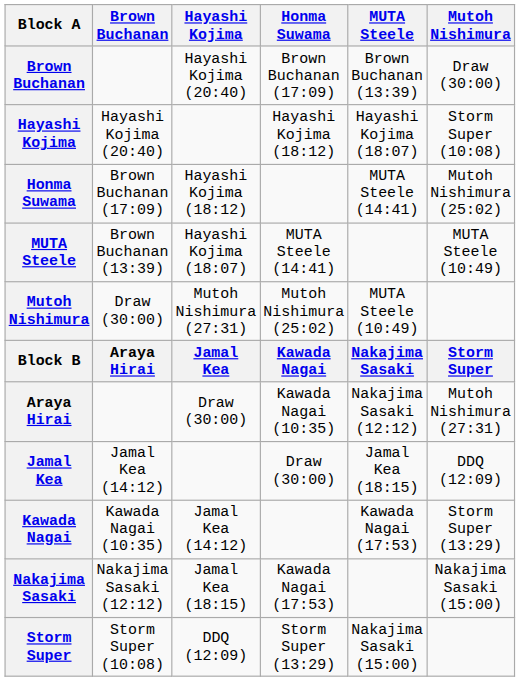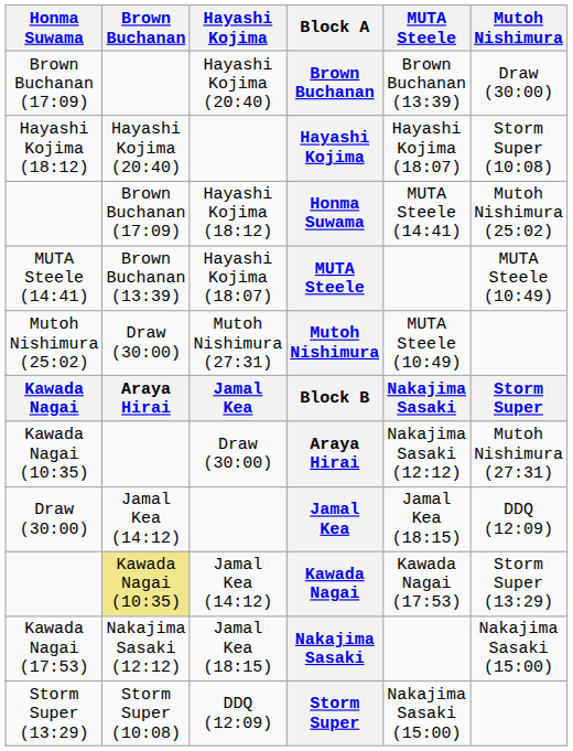 <table class="wikitable" style="text-align:center; margin: 1em auto 1em auto">
 <tr>
-<th>Block A</th>
+<th><a href='#'>Honma</a><br><a href='#'>Suwama</a></th>
 <th><a href='#'>Brown</a><br><a href='#'>Buchanan</a></th>
 <th><a href='#'>Hayashi</a><br><a href='#'>Kojima</a></th>
-<th><a href='#'>Honma</a><br><a href='#'>Suwama</a></th>
+<th>Block A</th>
 <th><a href='#'>MUTA</a><br><a href='#'>Steele</a></th>
 <th><a href='#'>Mutoh</a><br><a href='#'>Nishimura</a></th>
 </tr>
 <tr>
-<th><a href='#'>Brown</a><br><a href='#'>Buchanan</a></th>
+<td>Brown<br>Buchanan<br>(17:09)</td>
 <td></td>
 <td>Hayashi<br>Kojima<br>(20:40)</td>
-<td>Brown<br>Buchanan<br>(17:09)</td>
+<th><a href='#'>Brown</a><br><a href='#'>Buchanan</a></th>
 <td>Brown<br>Buchanan<br>(13:39)</td>
 <td>Draw<br>(30:00)</td>
 </tr>
 <tr>
-<th><a href='#'>Hayashi</a><br><a href='#'>Kojima</a></th>
+<td>Hayashi<br>Kojima<br>(18:12)</td>
 <td>Hayashi<br>Kojima<br>(20:40)</td>
 <td></td>
-<td>Hayashi<br>Kojima<br>(18:12)</td>
+<th><a href='#'>Hayashi</a><br><a href='#'>Kojima</a></th>
 <td>Hayashi<br>Kojima<br>(18:07)</td>
 <td>Storm<br>Super<br>(10:08)</td>
 </tr>
 <tr>
-<th><a href='#'>Honma</a><br><a href='#'>Suwama</a></th>
+<td></td>
 <td>Brown<br>Buchanan<br>(17:09)</td>
 <td>Hayashi<br>Kojima<br>(18:12)</td>
-<td></td>
+<th><a href='#'>Honma</a><br><a href='#'>Suwama</a></th>
 <td>MUTA<br>Steele<br>(14:41)</td>
 <td>Mutoh<br>Nishimura<br>(25:02)</td>
 </tr>
 <tr>
-<th><a href='#'>MUTA</a><br><a href='#'>Steele</a></th>
+<td>MUTA<br>Steele<br>(14:41)</td>
 <td>Brown<br>Buchanan<br>(13:39)</td>
 <td>Hayashi<br>Kojima<br>(18:07)</td>
-<td>MUTA<br>Steele<br>(14:41)</td>
+<th><a href='#'>MUTA</a><br><a href='#'>Steele</a></th>
 <td></td>
 <td>MUTA<br>Steele<br>(10:49)</td>
 </tr>
 <tr>
-<th><a href='#'>Mutoh</a><br><a href='#'>Nishimura</a></th>
+<td>Mutoh<br>Nishimura<br>(25:02)</td>
 <td>Draw<br>(30:00)</td>
 <td>Mutoh<br>Nishimura<br>(27:31)</td>
-<td>Mutoh<br>Nishimura<br>(25:02)</td>
+<th><a href='#'>Mutoh</a><br><a href='#'>Nishimura</a></th>
 <td>MUTA<br>Steele<br>(10:49)</td>
 <td></td>
 </tr>
 <tr>
-<th>Block B</th>
+<th><a href='#'>Kawada</a><br><a href='#'>Nagai</a></th>
 <th>Araya<br><a href='#'>Hirai</a></th>
 <th><a href='#'>Jamal</a><br><a href='#'>Kea</a></th>
-<th><a href='#'>Kawada</a><br><a href='#'>Nagai</a></th>
+<th>Block B</th>
 <th><a href='#'>Nakajima</a><br><a href='#'>Sasaki</a></th>
 <th><a href='#'>Storm</a><br><a href='#'>Super</a></th>
 </tr>
 <tr>
-<th>Araya<br><a href='#'>Hirai</a></th>
+<td>Kawada<br>Nagai<br>(10:35)</td>
 <td></td>
 <td>Draw<br>(30:00)</td>
-<td>Kawada<br>Nagai<br>(10:35)</td>
+<th>Araya<br><a href='#'>Hirai</a></th>
 <td>Nakajima<br>Sasaki<br>(12:12)</td>
 <td>Mutoh<br>Nishimura<br>(27:31)</td>
 </tr>
 <tr>
-<th><a href='#'>Jamal</a><br><a href='#'>Kea</a></th>
+<td>Draw<br>(30:00)</td>
 <td>Jamal<br>Kea<br>(14:12)</td>
 <td></td>
-<td>Draw<br>(30:00)</td>
+<th><a href='#'>Jamal</a><br><a href='#'>Kea</a></th>
 <td>Jamal<br>Kea<br>(18:15)</td>
 <td>DDQ<br>(12:09)</td>
 </tr>
 <tr>
+<td></td>
+<td style="background: khaki;">Kawada<br>Nagai<br>(10:35)</td>
+<td>Jamal<br>Kea<br>(14:12)</td>
 <th><a href='#'>Kawada</a><br><a href='#'>Nagai</a></th>
-<td>Kawada<br>Nagai<br>(10:35)</td>
-<td>Jamal<br>Kea<br>(14:12)</td>
-<td></td>
 <td>Kawada<br>Nagai<br>(17:53)</td>
 <td>Storm<br>Super<br>(13:29)</td>
 </tr>
 <tr>
-<th><a href='#'>Nakajima</a><br><a href='#'>Sasaki</a></th>
+<td>Kawada<br>Nagai<br>(17:53)</td>
 <td>Nakajima<br>Sasaki<br>(12:12)</td>
 <td>Jamal<br>Kea<br>(18:15)</td>
-<td>Kawada<br>Nagai<br>(17:53)</td>
+<th><a href='#'>Nakajima</a><br><a href='#'>Sasaki</a></th>
 <td></td>
 <td>Nakajima<br>Sasaki<br>(15:00)</td>
 </tr>
 <tr>
-<th><a href='#'>Storm</a><br><a href='#'>Super</a></th>
+<td>Storm<br>Super<br>(13:29)</td>
 <td>Storm<br>Super<br>(10:08)</td>
 <td>DDQ<br>(12:09)</td>
-<td>Storm<br>Super<br>(13:29)</td>
+<th><a href='#'>Storm</a><br><a href='#'>Super</a></th>
 <td>Nakajima<br>Sasaki<br>(15:00)</td>
 <td></td>
 </tr>
 </table>
